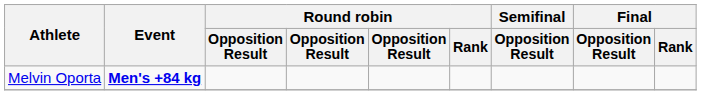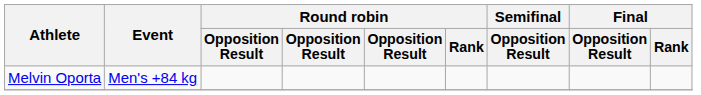 <table class=wikitable style=font-size:90%;text-align:center>
 <tr>
 <th rowspan=2>Athlete</th>
 <th rowspan=2>Event</th>
 <th colspan=4>Round robin</th>
 <th>Semifinal</th>
 <th colspan=2>Final</th>
 </tr>
 <tr style=font-size:95%>
 <th>Opposition<br>Result</th>
 <th>Opposition<br>Result</th>
 <th>Opposition<br>Result</th>
 <th>Rank</th>
 <th>Opposition<br>Result</th>
 <th>Opposition<br>Result</th>
 <th>Rank</th>
 </tr>
 <tr>
 <td align=left><a href='#'>Melvin Oporta</a></td>
-<td align=left><strong><a href='#'>Men's +84 kg</a></strong></td>
+<td align=left><a href='#'>Men's +84 kg</a></td>
 <td></td>
 <td></td>
 <td></td>
 <td></td>
 <td></td>
 <td></td>
 <td></td>
 </tr>
 <tr>
 </tr>
 </table>
